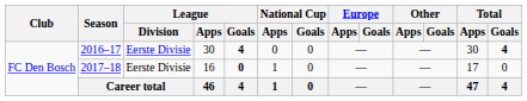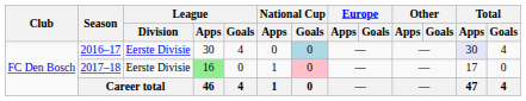 <table class="wikitable" style="text-align: center;">
 <tr>
 <th rowspan="2">Club</th>
 <th rowspan="2">Season</th>
 <th colspan="3">League</th>
 <th colspan="2">National Cup</th>
 <th colspan="2"><a href='#'>Europe</a></th>
 <th colspan="2">Other</th>
 <th colspan="2">Total</th>
 </tr>
 <tr>
 <th>Division</th>
 <th>Apps</th>
 <th>Goals</th>
 <th>Apps</th>
 <th>Goals</th>
 <th>Apps</th>
 <th>Goals</th>
 <th>Apps</th>
 <th>Goals</th>
 <th>Apps</th>
 <th>Goals</th>
 </tr>
 <tr>
 <td rowspan="3" valign="center"><a href='#'>FC Den Bosch</a></td>
 <td><a href='#'>2016–17</a></td>
 <td><a href='#'>Eerste Divisie</a></td>
 <td>30</td>
-<td><strong>4</strong></td>
+<td>4</td>
 <td>0</td>
-<td>0</td>
+<td style="background: lightblue;">0</td>
 <td colspan="2">—</td>
 <td colspan="2">—</td>
-<td>30</td>
-<td><strong>4</strong></td>
+<td style="background: lavender;">30</td>
+<td>4</td>
 </tr>
 <tr>
 <td><a href='#'>2017–18</a></td>
 <td>Eerste Divisie</td>
-<td>16</td>
-<td><strong>0</strong></td>
+<td style="background: lightgreen;">16</td>
+<td>0</td>
 <td>1</td>
-<td>0</td>
+<td style="background: pink;">0</td>
 <td colspan="2">—</td>
 <td colspan="2">—</td>
 <td>17</td>
 <td>0</td>
 </tr>
 <tr>
 <th colspan="2">Career total</th>
 <th>46</th>
 <th>4</th>
 <th>1</th>
 <th>0</th>
 <th colspan="2">—</th>
 <th colspan="2">—</th>
 <th>47</th>
 <th>4</th>
 </tr>
 </table>
